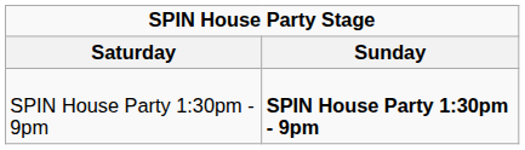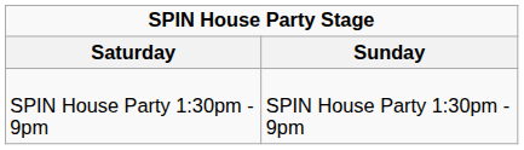 <table class="wikitable">
 <tr>
 <td colspan="3" style="text-align:center;"><strong>SPIN House Party Stage</strong></td>
 </tr>
 <tr>
 <th>Saturday</th>
 <th>Sunday</th>
 </tr>
 <tr>
 <td style="text-align:left; vertical-align:top; width:200px;"><br>SPIN House Party 1:30pm - 9pm</td>
-<td style="text-align:left; vertical-align:top; width:200px;"><strong><br>SPIN House Party 1:30pm - 9pm</strong></td>
+<td style="text-align:left; vertical-align:top; width:200px;"><br>SPIN House Party 1:30pm - 9pm</td>
 </tr>
 </table>
